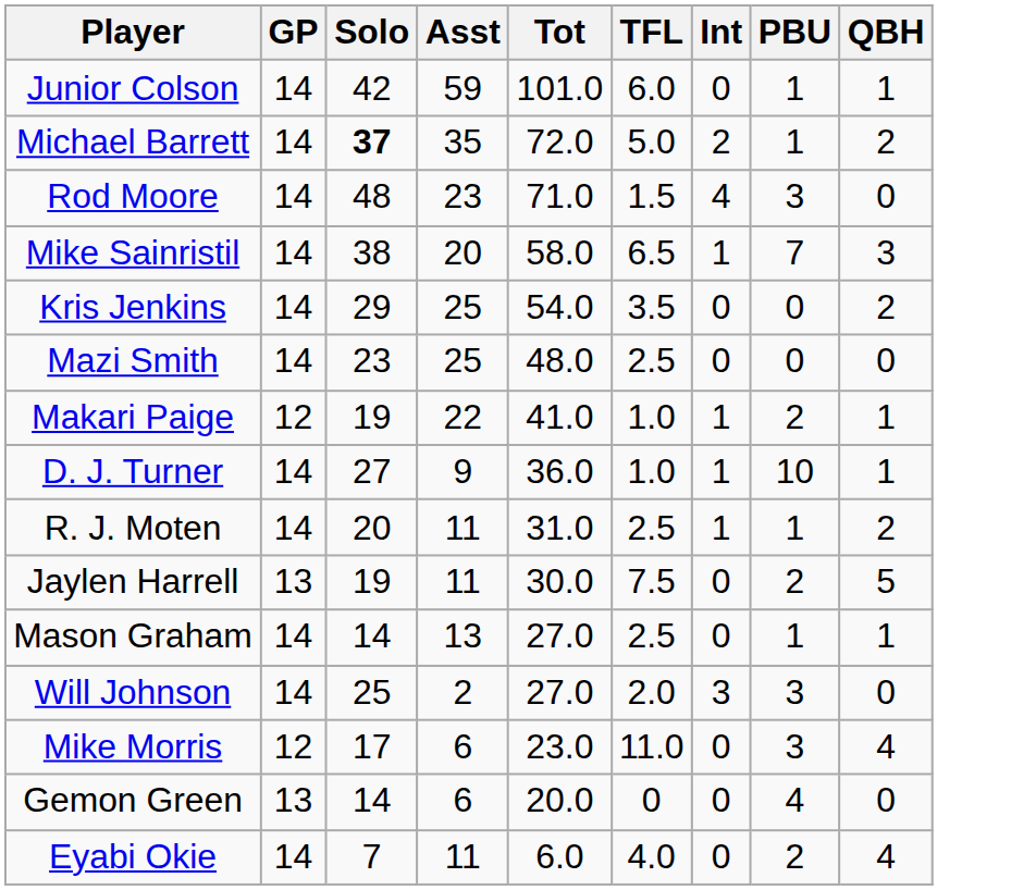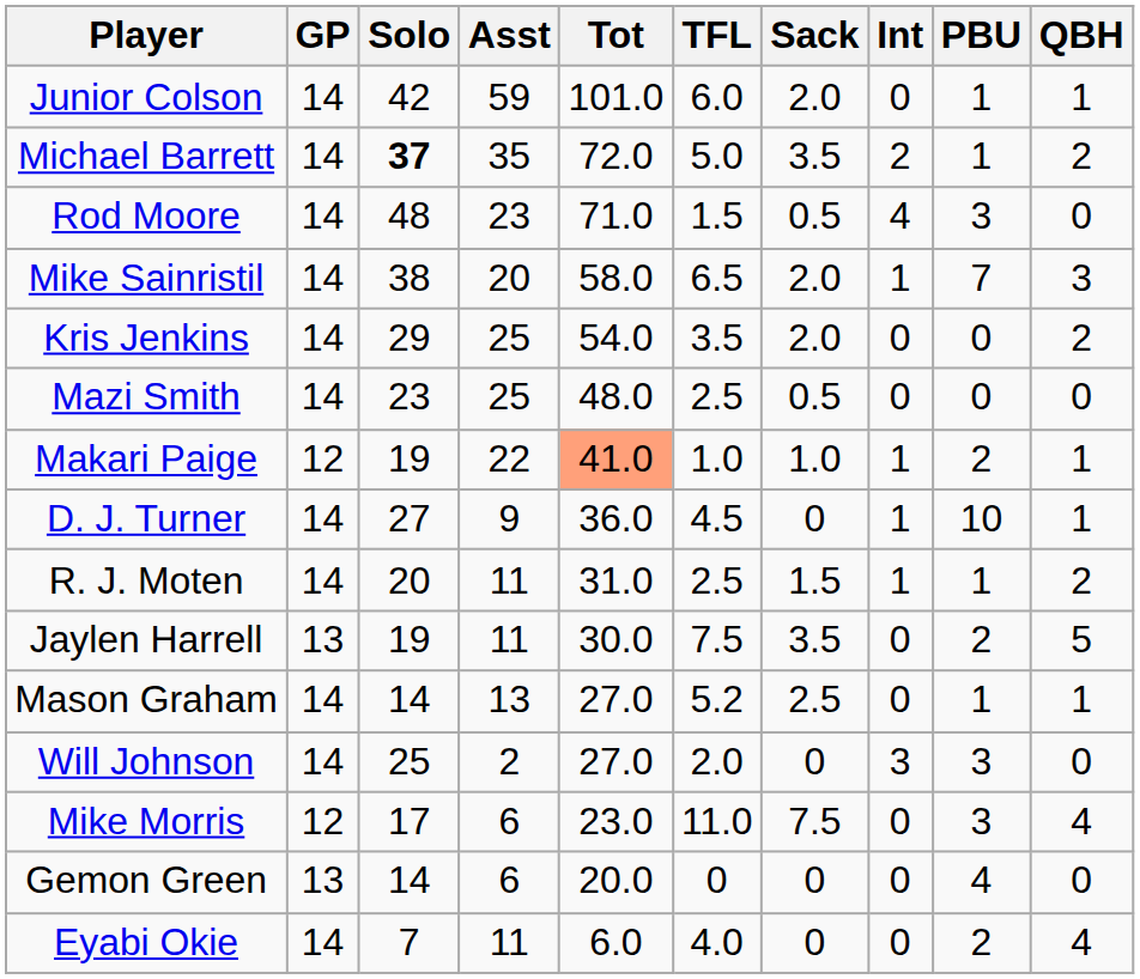 <table class="wikitable sortable sortable" style="text-align: center">
 <tr align=center>
 <th>Player</th>
 <th>GP</th>
 <th>Solo</th>
 <th>Asst</th>
 <th>Tot</th>
 <th>TFL</th>
+<th>Sack</th>
 <th>Int</th>
 <th>PBU</th>
 <th>QBH</th>
 </tr>
 <tr>
 <td><a href='#'>Junior Colson</a></td>
 <td>14</td>
 <td>42</td>
 <td>59</td>
 <td>101.0</td>
 <td>6.0</td>
+<td>2.0</td>
 <td>0</td>
 <td>1</td>
 <td>1</td>
 </tr>
 <tr>
 <td><a href='#'>Michael Barrett</a></td>
 <td>14</td>
 <td><strong>37</strong></td>
 <td>35</td>
 <td>72.0</td>
 <td>5.0</td>
+<td>3.5</td>
 <td>2</td>
 <td>1</td>
 <td>2</td>
 </tr>
 <tr>
 <td><a href='#'>Rod Moore</a></td>
 <td>14</td>
 <td>48</td>
 <td>23</td>
 <td>71.0</td>
 <td>1.5</td>
+<td>0.5</td>
 <td>4</td>
 <td>3</td>
 <td>0</td>
 </tr>
 <tr>
 <td><a href='#'>Mike Sainristil</a></td>
 <td>14</td>
 <td>38</td>
 <td>20</td>
 <td>58.0</td>
 <td>6.5</td>
+<td>2.0</td>
 <td>1</td>
 <td>7</td>
 <td>3</td>
 </tr>
 <tr>
 <td><a href='#'>Kris Jenkins</a></td>
 <td>14</td>
 <td>29</td>
 <td>25</td>
 <td>54.0</td>
 <td>3.5</td>
+<td>2.0</td>
 <td>0</td>
 <td>0</td>
 <td>2</td>
 </tr>
 <tr>
 <td><a href='#'>Mazi Smith</a></td>
 <td>14</td>
 <td>23</td>
 <td>25</td>
 <td>48.0</td>
 <td>2.5</td>
+<td>0.5</td>
 <td>0</td>
 <td>0</td>
 <td>0</td>
 </tr>
 <tr>
 <td><a href='#'>Makari Paige</a></td>
 <td>12</td>
 <td>19</td>
 <td>22</td>
-<td>41.0</td>
+<td style="background: lightsalmon;">41.0</td>
+<td>1.0</td>
 <td>1.0</td>
 <td>1</td>
 <td>2</td>
 <td>1</td>
 </tr>
 <tr>
 <td><a href='#'>D. J. Turner</a></td>
 <td>14</td>
 <td>27</td>
 <td>9</td>
 <td>36.0</td>
-<td>1.0</td>
+<td>4.5</td>
+<td>0</td>
 <td>1</td>
 <td>10</td>
 <td>1</td>
 </tr>
 <tr>
 <td>R. J. Moten</td>
 <td>14</td>
 <td>20</td>
 <td>11</td>
 <td>31.0</td>
 <td>2.5</td>
+<td>1.5</td>
 <td>1</td>
 <td>1</td>
 <td>2</td>
 </tr>
 <tr>
 <td>Jaylen Harrell</td>
 <td>13</td>
 <td>19</td>
 <td>11</td>
 <td>30.0</td>
 <td>7.5</td>
+<td>3.5</td>
 <td>0</td>
 <td>2</td>
 <td>5</td>
 </tr>
 <tr>
 <td>Mason Graham</td>
 <td>14</td>
 <td>14</td>
 <td>13</td>
 <td>27.0</td>
+<td>5.2</td>
 <td>2.5</td>
 <td>0</td>
 <td>1</td>
 <td>1</td>
 </tr>
 <tr>
 <td><a href='#'>Will Johnson</a></td>
 <td>14</td>
 <td>25</td>
 <td>2</td>
 <td>27.0</td>
 <td>2.0</td>
+<td>0</td>
 <td>3</td>
 <td>3</td>
 <td>0</td>
 </tr>
 <tr>
 <td><a href='#'>Mike Morris</a></td>
 <td>12</td>
 <td>17</td>
 <td>6</td>
 <td>23.0</td>
 <td>11.0</td>
+<td>7.5</td>
 <td>0</td>
 <td>3</td>
 <td>4</td>
 </tr>
 <tr>
 <td>Gemon Green</td>
 <td>13</td>
 <td>14</td>
 <td>6</td>
 <td>20.0</td>
+<td>0</td>
 <td>0</td>
 <td>0</td>
 <td>4</td>
 <td>0</td>
 </tr>
 <tr>
 <td><a href='#'>Eyabi Okie</a></td>
 <td>14</td>
 <td>7</td>
 <td>11</td>
 <td>6.0</td>
 <td>4.0</td>
 <td>0</td>
+<td>0</td>
 <td>2</td>
 <td>4</td>
 </tr>
 </table>
